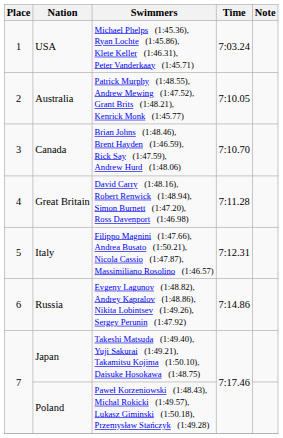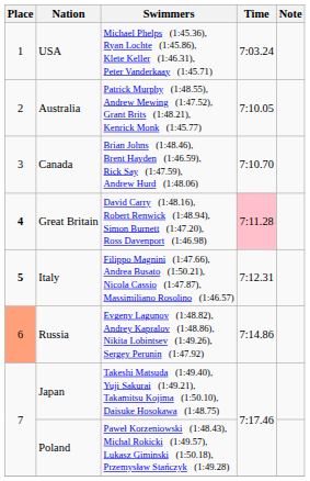 <table class="wikitable" style="text-align:center">
 <tr>
 <th>Place</th>
 <th>Nation</th>
 <th>Swimmers</th>
 <th>Time</th>
 <th>Note</th>
 </tr>
 <tr>
 <td>1</td>
 <td align=left> USA</td>
 <td align=left><small><a href='#'>Michael Phelps</a>    (1:45.36),<br> <a href='#'>Ryan Lochte</a>    (1:45.86),<br><a href='#'>Klete Keller</a>    (1:46.31),<br> <a href='#'>Peter Vanderkaay</a>    (1:45.71) </small></td>
 <td>7:03.24</td>
 <td></td>
 </tr>
 <tr>
 <td>2</td>
 <td align=left> Australia</td>
 <td align=left><small><a href='#'>Patrick Murphy</a>    (1:48.55),<br> <a href='#'>Andrew Mewing</a>    (1:47.52),<br><a href='#'>Grant Brits</a>    (1:48.21),<br> <a href='#'>Kenrick Monk</a>   (1:45.77) </small></td>
 <td>7:10.05</td>
 <td></td>
 </tr>
 <tr>
 <td>3</td>
 <td align=left> Canada</td>
 <td align=left><small><a href='#'>Brian Johns</a>    (1:48.46),<br> <a href='#'>Brent Hayden</a>    (1:46.59),<br><a href='#'>Rick Say</a>    (1:47.59),<br> <a href='#'>Andrew Hurd</a>   (1:48.06) </small></td>
 <td>7:10.70</td>
 <td></td>
 </tr>
 <tr>
-<td>4</td>
+<td><strong>4</strong></td>
 <td align=left> Great Britain</td>
 <td align=left><small><a href='#'>David Carry</a>    (1:48.16),<br> <a href='#'>Robert Renwick</a>    (1:48.94),<br><a href='#'>Simon Burnett</a>    (1:47.20),<br> <a href='#'>Ross Davenport</a>   (1:46.98) </small></td>
-<td>7:11.28</td>
+<td style="background: pink;">7:11.28</td>
 <td></td>
 </tr>
 <tr>
-<td>5</td>
+<td><strong>5</strong></td>
 <td align=left> Italy</td>
 <td align=left><small><a href='#'>Filippo Magnini</a>    (1:47.66),<br> <a href='#'>Andrea Busato</a>    (1:50.21),<br><a href='#'>Nicola Cassio</a>    (1:47.87),<br> <a href='#'>Massimiliano Rosolino</a>   (1:46.57) </small></td>
 <td>7:12.31</td>
 <td></td>
 </tr>
 <tr>
-<td>6</td>
+<td style="background: lightsalmon;">6</td>
 <td align=left> Russia</td>
 <td align=left><small><a href='#'>Evgeny Lagunov</a>    (1:48.82),<br> <a href='#'>Andrey Kapralov</a>    (1:48.86),<br><a href='#'>Nikita Lobintsev</a>    (1:49.26),<br> <a href='#'>Sergey Perunin</a>   (1:47.92) </small></td>
 <td>7:14.86</td>
 <td></td>
 </tr>
 <tr>
 <td rowspan=2>7</td>
 <td align=left> Japan</td>
 <td align=left><small><a href='#'>Takeshi Matsuda</a>    (1:49.40),<br> <a href='#'>Yuji Sakurai</a>    (1:49.21),<br><a href='#'>Takamitsu Kojima</a>    (1:50.10),<br> <a href='#'>Daisuke Hosokawa</a>   (1:48.75) </small></td>
 <td rowspan=2>7:17.46</td>
 <td></td>
 </tr>
 <tr>
 <td align=left> Poland</td>
 <td align=left><small><a href='#'>Paweł Korzeniowski</a>    (1:48.43),<br> <a href='#'>Michal Rokicki</a>    (1:49.57),<br><a href='#'>Lukasz Giminski</a>    (1:50.18),<br> <a href='#'>Przemysław Stańczyk</a>   (1:49.28) </small></td>
 <td></td>
 </tr>
 <tr>
 </tr>
 </table>
